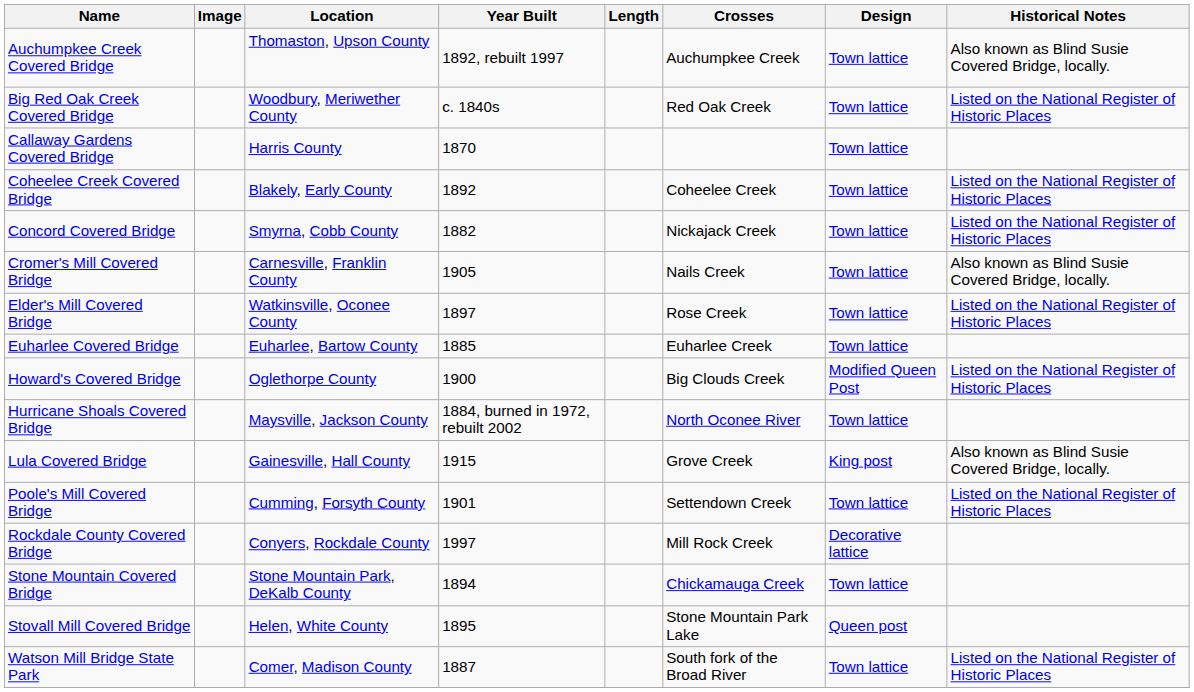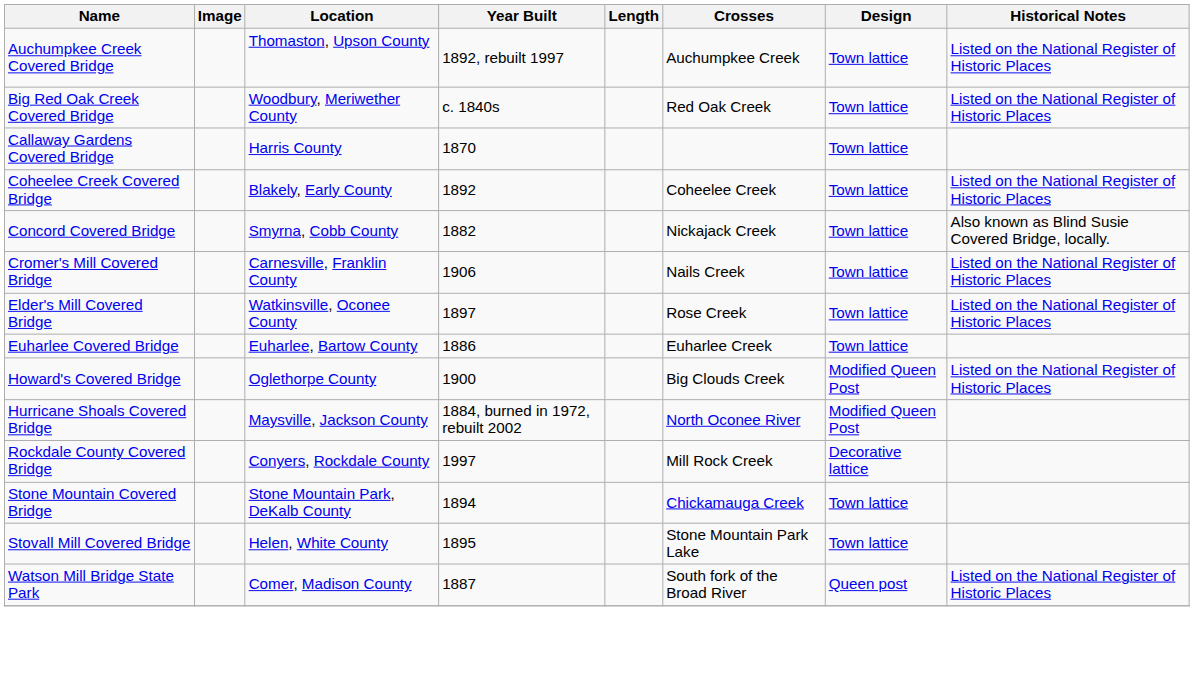 <table class="wikitable sortable">
 <tr>
 <th>Name</th>
 <th class=unsortable>Image</th>
 <th>Location<br></th>
 <th>Year Built</th>
 <th>Length</th>
 <th>Crosses</th>
 <th>Design</th>
 <th>Historical Notes</th>
 </tr>
 <tr>
 <td><a href='#'>Auchumpkee Creek Covered Bridge</a></td>
 <td></td>
 <td> <a href='#'>Thomaston</a>, <a href='#'>Upson County</a><br><br><br> </td>
 <td>1892, rebuilt 1997</td>
 <td></td>
 <td>Auchumpkee Creek</td>
 <td><a href='#'>Town lattice</a></td>
-<td>Also known as Blind Susie Covered Bridge, locally.</td>
+<td><a href='#'>Listed on the National Register of Historic Places</a></td>
 </tr>
 <tr>
 <td><a href='#'>Big Red Oak Creek Covered Bridge</a></td>
 <td></td>
 <td> <a href='#'>Woodbury</a>, <a href='#'>Meriwether County</a></td>
 <td>c. 1840s</td>
 <td></td>
 <td>Red Oak Creek</td>
 <td><a href='#'>Town lattice</a></td>
 <td><a href='#'>Listed on the National Register of Historic Places</a></td>
 </tr>
 <tr>
 <td><a href='#'>Callaway Gardens Covered Bridge</a></td>
 <td></td>
 <td> <a href='#'>Harris County</a></td>
 <td>1870</td>
 <td></td>
 <td></td>
 <td><a href='#'>Town lattice</a></td>
 <td></td>
 </tr>
 <tr>
 <td><a href='#'>Coheelee Creek Covered Bridge</a></td>
 <td></td>
 <td> <a href='#'>Blakely</a>, <a href='#'>Early County</a><br></td>
 <td>1892</td>
 <td></td>
 <td>Coheelee Creek</td>
 <td><a href='#'>Town lattice</a></td>
 <td><a href='#'>Listed on the National Register of Historic Places</a></td>
 </tr>
 <tr>
 <td><a href='#'>Concord Covered Bridge</a></td>
 <td></td>
 <td> <a href='#'>Smyrna</a>, <a href='#'>Cobb County</a></td>
 <td>1882</td>
 <td></td>
 <td>Nickajack Creek</td>
 <td><a href='#'>Town lattice</a></td>
-<td><a href='#'>Listed on the National Register of Historic Places</a></td>
+<td>Also known as Blind Susie Covered Bridge, locally.</td>
 </tr>
 <tr>
 <td><a href='#'>Cromer's Mill Covered Bridge</a></td>
 <td></td>
 <td> <a href='#'>Carnesville</a>, <a href='#'>Franklin County</a></td>
-<td>1905</td>
+<td>1906</td>
 <td></td>
 <td>Nails Creek</td>
 <td><a href='#'>Town lattice</a></td>
-<td>Also known as Blind Susie Covered Bridge, locally.</td>
+<td><a href='#'>Listed on the National Register of Historic Places</a></td>
 </tr>
 <tr>
 <td><a href='#'>Elder's Mill Covered Bridge</a></td>
 <td></td>
 <td> <a href='#'>Watkinsville</a>, <a href='#'>Oconee County</a></td>
 <td>1897</td>
 <td></td>
 <td>Rose Creek</td>
 <td><a href='#'>Town lattice</a></td>
 <td><a href='#'>Listed on the National Register of Historic Places</a></td>
 </tr>
 <tr>
 <td><a href='#'>Euharlee Covered Bridge</a></td>
 <td></td>
 <td> <a href='#'>Euharlee</a>, <a href='#'>Bartow County</a></td>
-<td>1885</td>
+<td>1886</td>
 <td></td>
 <td>Euharlee Creek</td>
 <td><a href='#'>Town lattice</a></td>
 <td></td>
 </tr>
 <tr>
 <td><a href='#'>Howard's Covered Bridge</a></td>
 <td></td>
 <td> <a href='#'>Oglethorpe County</a></td>
 <td>1900</td>
 <td></td>
 <td>Big Clouds Creek</td>
 <td><a href='#'>Modified Queen Post</a></td>
 <td><a href='#'>Listed on the National Register of Historic Places</a></td>
 </tr>
 <tr>
 <td><a href='#'>Hurricane Shoals Covered Bridge</a></td>
 <td></td>
 <td> <a href='#'>Maysville</a>, <a href='#'>Jackson County</a></td>
 <td>1884, burned in 1972, rebuilt 2002</td>
 <td></td>
 <td><a href='#'>North Oconee River</a></td>
-<td><a href='#'>Town lattice</a></td>
+<td><a href='#'>Modified Queen Post</a></td>
 <td></td>
-</tr>
-<tr>
-<td><a href='#'>Lula Covered Bridge</a></td>
-<td></td>
-<td> <a href='#'>Gainesville</a>, <a href='#'>Hall County</a></td>
-<td>1915</td>
-<td></td>
-<td>Grove Creek</td>
-<td><a href='#'>King post</a></td>
-<td>Also known as Blind Susie Covered Bridge, locally.</td>
-</tr>
-<tr>
-<td><a href='#'>Poole's Mill Covered Bridge</a></td>
-<td></td>
-<td> <a href='#'>Cumming</a>, <a href='#'>Forsyth County</a></td>
-<td>1901</td>
-<td></td>
-<td>Settendown Creek</td>
-<td><a href='#'>Town lattice</a></td>
-<td><a href='#'>Listed on the National Register of Historic Places</a></td>
 </tr>
 <tr>
 <td><a href='#'>Rockdale County Covered Bridge</a></td>
 <td></td>
 <td> <a href='#'>Conyers</a>, <a href='#'>Rockdale County</a></td>
 <td>1997</td>
 <td></td>
 <td>Mill Rock Creek</td>
 <td><a href='#'>Decorative lattice</a></td>
 <td></td>
 </tr>
 <tr>
 <td><a href='#'>Stone Mountain Covered Bridge</a></td>
 <td></td>
 <td> <a href='#'>Stone Mountain Park</a>, <a href='#'>DeKalb County</a></td>
 <td>1894</td>
 <td></td>
 <td><a href='#'>Chickamauga Creek</a></td>
 <td><a href='#'>Town lattice</a></td>
 <td></td>
 </tr>
 <tr>
 <td><a href='#'>Stovall Mill Covered Bridge</a></td>
 <td></td>
 <td> <a href='#'>Helen</a>, <a href='#'>White County</a></td>
 <td>1895</td>
 <td></td>
 <td>Stone Mountain Park Lake</td>
-<td><a href='#'>Queen post</a></td>
+<td><a href='#'>Town lattice</a></td>
 <td></td>
 </tr>
 <tr>
 <td><a href='#'>Watson Mill Bridge State Park</a></td>
 <td></td>
 <td> <a href='#'>Comer</a>, <a href='#'>Madison County</a></td>
 <td>1887</td>
 <td></td>
 <td>South fork of the Broad River</td>
-<td><a href='#'>Town lattice</a></td>
+<td><a href='#'>Queen post</a></td>
 <td><a href='#'>Listed on the National Register of Historic Places</a></td>
 </tr>
 <tr>
 </tr>
 </table>
